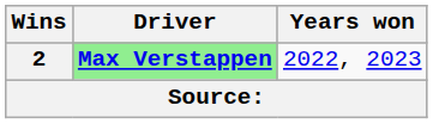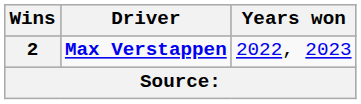 <table class="wikitable" style="font-size: 95%;">
 <tr>
 <th>Wins</th>
 <th>Driver</th>
 <th>Years won</th>
 </tr>
 <tr>
 <th>2</th>
-<td style="background: lightgreen;"><strong> <a href='#'>Max Verstappen</a></strong></td>
+<td><strong> <a href='#'>Max Verstappen</a></strong></td>
 <td><a href='#'>2022</a>, <a href='#'>2023</a></td>
 </tr>
 <tr>
 <th colspan=4>Source:</th>
 </tr>
 </table>
